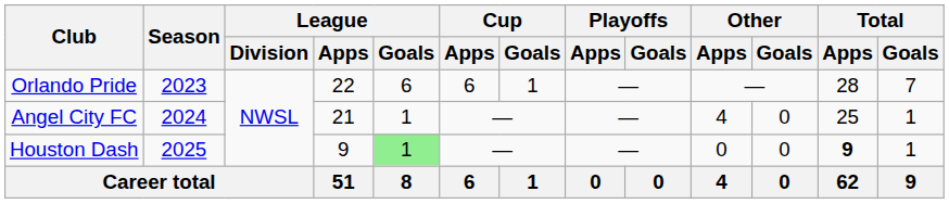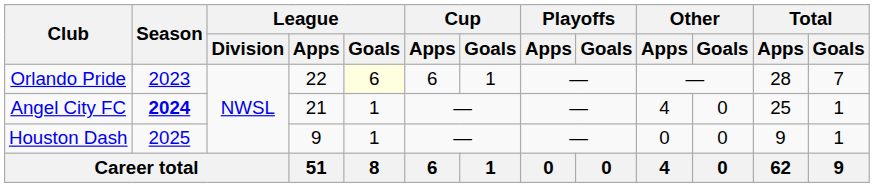 <table class="wikitable" style="text-align: center;">
 <tr>
 <th rowspan="2">Club</th>
 <th rowspan="2">Season</th>
 <th colspan="3">League</th>
 <th colspan="2">Cup</th>
 <th colspan="2">Playoffs</th>
 <th colspan="2">Other</th>
 <th colspan="2">Total</th>
 </tr>
 <tr>
 <th>Division</th>
 <th>Apps</th>
 <th>Goals</th>
 <th>Apps</th>
 <th>Goals</th>
 <th>Apps</th>
 <th>Goals</th>
 <th>Apps</th>
 <th>Goals</th>
 <th>Apps</th>
 <th>Goals</th>
 </tr>
 <tr>
 <td><a href='#'>Orlando Pride</a></td>
 <td><a href='#'>2023</a></td>
 <td rowspan="3"><a href='#'>NWSL</a></td>
 <td>22</td>
-<td>6</td>
+<td style="background: lightyellow;">6</td>
 <td>6</td>
 <td>1</td>
 <td colspan="2">—</td>
 <td colspan="2">—</td>
 <td>28</td>
 <td>7</td>
 </tr>
 <tr>
 <td><a href='#'>Angel City FC</a></td>
-<td><a href='#'>2024</a></td>
+<td><strong><a href='#'>2024</a></strong></td>
 <td>21</td>
 <td>1</td>
 <td colspan="2">—</td>
 <td colspan="2">—</td>
 <td>4</td>
 <td>0</td>
 <td>25</td>
 <td>1</td>
 </tr>
 <tr>
 <td><a href='#'>Houston Dash</a></td>
 <td><a href='#'>2025</a></td>
 <td>9</td>
-<td style="background: lightgreen;">1</td>
+<td>1</td>
 <td colspan="2">—</td>
 <td colspan="2">—</td>
 <td>0</td>
 <td>0</td>
-<td><strong>9</strong></td>
+<td>9</td>
 <td>1</td>
 </tr>
 <tr>
 <th colspan="3">Career total</th>
 <th>51</th>
 <th>8</th>
 <th>6</th>
 <th>1</th>
 <th>0</th>
 <th>0</th>
 <th>4</th>
 <th>0</th>
 <th>62</th>
 <th>9</th>
 </tr>
 </table>
